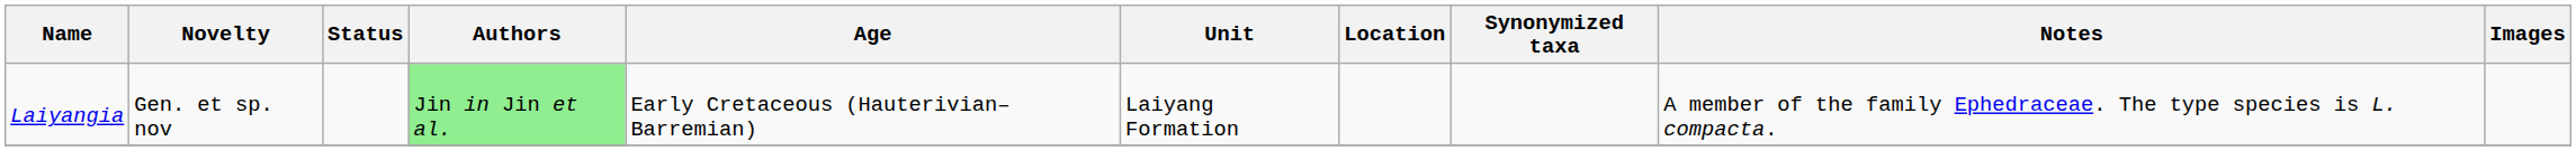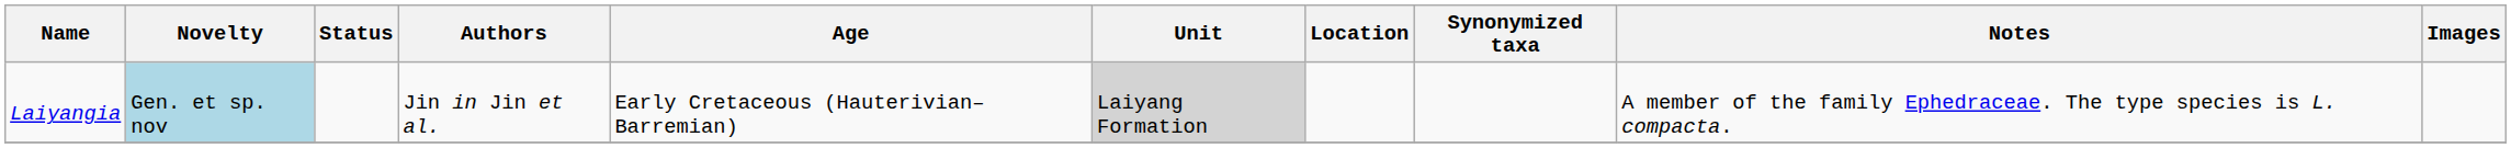 <table class="wikitable sortable" align="center" width="100%">
 <tr>
 <th>Name</th>
 <th>Novelty</th>
 <th>Status</th>
 <th>Authors</th>
 <th>Age</th>
 <th>Unit</th>
 <th>Location</th>
 <th>Synonymized taxa</th>
 <th>Notes</th>
 <th>Images</th>
 </tr>
 <tr>
 <td><br><em><a href='#'>Laiyangia</a></em></td>
-<td><br>Gen. et sp. nov</td>
+<td style="background: lightblue;"><br>Gen. et sp. nov</td>
 <td></td>
-<td style="background: lightgreen;"><br>Jin <em>in</em> Jin <em>et al.</em></td>
+<td><br>Jin <em>in</em> Jin <em>et al.</em></td>
 <td><br>Early Cretaceous (Hauterivian–Barremian)</td>
-<td><br>Laiyang Formation</td>
+<td style="background: lightgrey;"><br>Laiyang Formation</td>
 <td><br></td>
 <td></td>
 <td><br>A member of the family <a href='#'>Ephedraceae</a>. The type species is <em>L. compacta</em>.</td>
 <td></td>
 </tr>
 <tr>
 </tr>
 </table>
